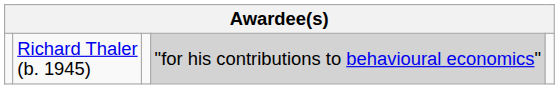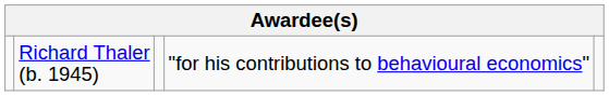 <table class="wikitable">
 <tr>
 <th colspan="5">Awardee(s)</th>
 </tr>
 <tr>
 <td></td>
 <td><a href='#'>Richard Thaler</a><br>(b. 1945)</td>
 <td></td>
-<td style="background: lightgrey;">"for his contributions to <a href='#'>behavioural economics</a>"</td>
+<td>"for his contributions to <a href='#'>behavioural economics</a>"</td>
 <td></td>
 </tr>
 </table>
